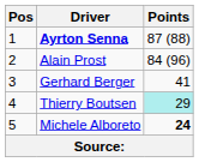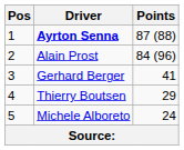 <table class="wikitable" style="font-size: 95%;">
 <tr>
 <th>Pos</th>
 <th>Driver</th>
 <th>Points</th>
 </tr>
 <tr>
 <td>1</td>
 <td> <strong><a href='#'>Ayrton Senna</a></strong></td>
 <td align=right>87 (88)</td>
 </tr>
 <tr>
 <td>2</td>
 <td> <a href='#'>Alain Prost</a></td>
 <td align=right>84 (96)</td>
 </tr>
 <tr>
 <td>3</td>
 <td> <a href='#'>Gerhard Berger</a></td>
 <td align=right>41</td>
 </tr>
 <tr>
 <td>4</td>
 <td> <a href='#'>Thierry Boutsen</a></td>
-<td align=right style="background: paleturquoise;">29</td>
+<td align=right>29</td>
 </tr>
 <tr>
 <td>5</td>
 <td> <a href='#'>Michele Alboreto</a></td>
-<td align=right><strong>24</strong></td>
+<td align=right>24</td>
 </tr>
 <tr>
 <th colspan=4>Source: </th>
 </tr>
 </table>
